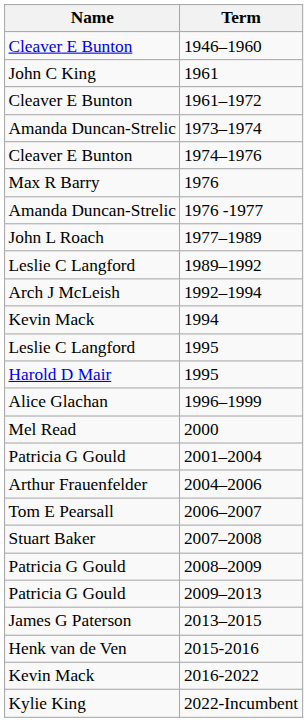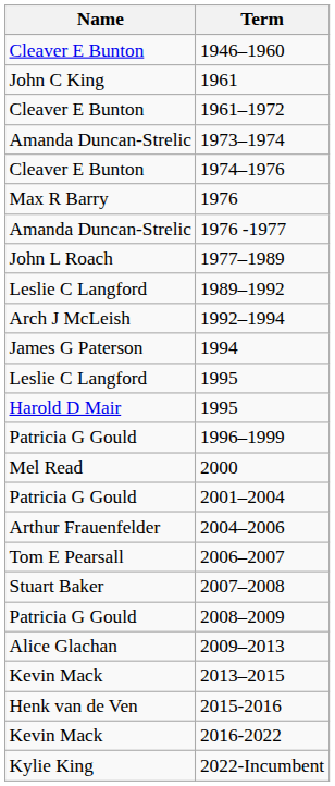 <table class="wikitable">
 <tr>
 <th>Name</th>
 <th>Term</th>
 </tr>
 <tr>
 <td><a href='#'>Cleaver E Bunton</a></td>
 <td>1946–1960</td>
 </tr>
 <tr>
 <td>John C King</td>
 <td>1961</td>
 </tr>
 <tr>
 <td>Cleaver E Bunton</td>
 <td>1961–1972</td>
 </tr>
 <tr>
 <td>Amanda Duncan-Strelic</td>
 <td>1973–1974</td>
 </tr>
 <tr>
 <td>Cleaver E Bunton</td>
 <td>1974–1976</td>
 </tr>
 <tr>
 <td>Max R Barry</td>
 <td>1976</td>
 </tr>
 <tr>
 <td>Amanda Duncan-Strelic</td>
 <td>1976 -1977</td>
 </tr>
 <tr>
 <td>John L Roach</td>
 <td>1977–1989</td>
 </tr>
 <tr>
 <td>Leslie C Langford</td>
 <td>1989–1992</td>
 </tr>
 <tr>
 <td>Arch J McLeish</td>
 <td>1992–1994</td>
 </tr>
 <tr>
-<td>Kevin Mack</td>
+<td>James G Paterson</td>
 <td>1994</td>
 </tr>
 <tr>
 <td>Leslie C Langford</td>
 <td>1995</td>
 </tr>
 <tr>
 <td><a href='#'>Harold D Mair</a></td>
 <td>1995</td>
 </tr>
 <tr>
-<td>Alice Glachan</td>
+<td>Patricia G Gould</td>
 <td>1996–1999</td>
 </tr>
 <tr>
 <td>Mel Read</td>
 <td>2000</td>
 </tr>
 <tr>
 <td>Patricia G Gould</td>
 <td>2001–2004</td>
 </tr>
 <tr>
 <td>Arthur Frauenfelder</td>
 <td>2004–2006</td>
 </tr>
 <tr>
 <td>Tom E Pearsall</td>
 <td>2006–2007</td>
 </tr>
 <tr>
 <td>Stuart Baker</td>
 <td>2007–2008</td>
 </tr>
 <tr>
 <td>Patricia G Gould</td>
 <td>2008–2009</td>
 </tr>
 <tr>
-<td>Patricia G Gould</td>
+<td>Alice Glachan</td>
 <td>2009–2013</td>
 </tr>
 <tr>
-<td>James G Paterson</td>
+<td>Kevin Mack</td>
 <td>2013–2015</td>
 </tr>
 <tr>
 <td>Henk van de Ven</td>
 <td>2015-2016</td>
 </tr>
 <tr>
 <td>Kevin Mack</td>
 <td>2016-2022</td>
 </tr>
 <tr>
 <td>Kylie King</td>
 <td>2022-Incumbent</td>
 </tr>
 </table>
